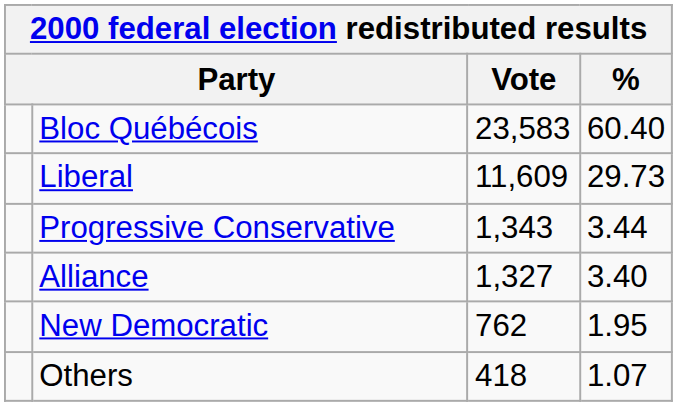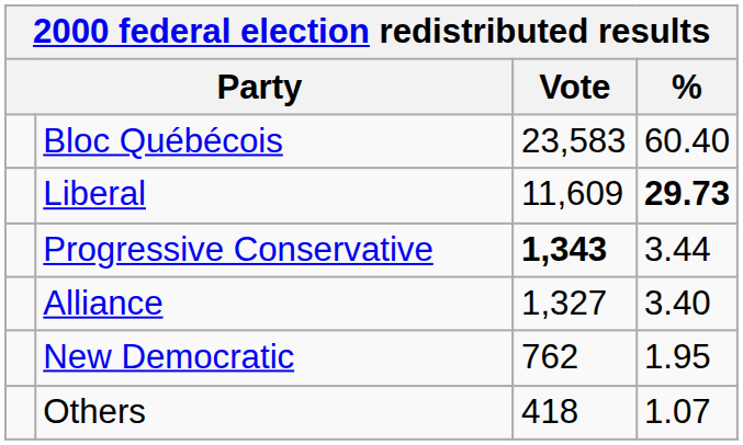 <table class="wikitable">
 <tr>
 <th colspan="4"><a href='#'>2000 federal election</a> redistributed results</th>
 </tr>
 <tr>
 <th bgcolor="#DDDDFF" width="230px" colspan="2">Party</th>
 <th bgcolor="#DDDDFF" width="50px">Vote</th>
 <th bgcolor="#DDDDFF" width="30px">%</th>
 </tr>
 <tr>
 <td> </td>
 <td><a href='#'>Bloc Québécois</a></td>
 <td>23,583</td>
 <td>60.40</td>
 </tr>
 <tr>
 <td> </td>
 <td><a href='#'>Liberal</a></td>
 <td>11,609</td>
-<td>29.73</td>
+<td><strong>29.73</strong></td>
 </tr>
 <tr>
 <td> </td>
 <td><a href='#'>Progressive Conservative</a></td>
-<td>1,343</td>
+<td><strong>1,343</strong></td>
 <td>3.44</td>
 </tr>
 <tr>
 <td> </td>
 <td><a href='#'>Alliance</a></td>
 <td>1,327</td>
 <td>3.40</td>
 </tr>
 <tr>
 <td> </td>
 <td><a href='#'>New Democratic</a></td>
 <td>762</td>
 <td>1.95</td>
 </tr>
 <tr>
 <td> </td>
 <td>Others</td>
 <td>418</td>
 <td>1.07</td>
 </tr>
 </table>
